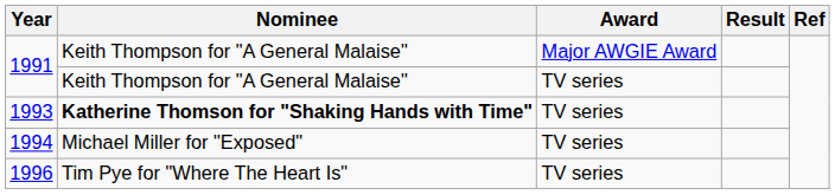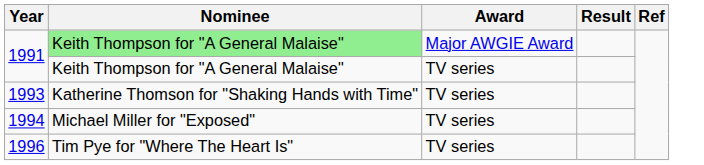 <table class="wikitable">
 <tr>
 <th>Year</th>
 <th>Nominee</th>
 <th>Award</th>
 <th>Result</th>
 <th>Ref</th>
 </tr>
 <tr>
 <td rowspan="2"><a href='#'>1991</a></td>
-<td>Keith Thompson for "A General Malaise"</td>
+<td style="background: lightgreen;">Keith Thompson for "A General Malaise"</td>
 <td><a href='#'>Major AWGIE Award</a></td>
 <td></td>
 <td rowspan="5"></td>
 </tr>
 <tr>
 <td>Keith Thompson for "A General Malaise"</td>
 <td>TV series</td>
 <td></td>
 </tr>
 <tr>
 <td><a href='#'>1993</a></td>
-<td><strong>Katherine Thomson for "Shaking Hands with Time"</strong></td>
+<td>Katherine Thomson for "Shaking Hands with Time"</td>
 <td>TV series</td>
 <td></td>
 </tr>
 <tr>
 <td><a href='#'>1994</a></td>
 <td>Michael Miller for "Exposed"</td>
 <td>TV series</td>
 <td></td>
 </tr>
 <tr>
 <td><a href='#'>1996</a></td>
 <td>Tim Pye for "Where The Heart Is"</td>
 <td>TV series</td>
 <td></td>
 </tr>
 </table>
